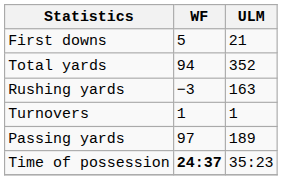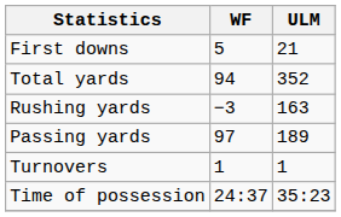 <table class="wikitable">
 <tr>
 <th>Statistics</th>
 <th>WF</th>
 <th>ULM</th>
 </tr>
 <tr>
 <td>First downs</td>
 <td>5</td>
 <td>21</td>
 </tr>
 <tr>
 <td>Total yards</td>
 <td>94</td>
 <td>352</td>
 </tr>
 <tr>
 <td>Rushing yards</td>
 <td>−3</td>
 <td>163</td>
 </tr>
 <tr>
+<td>Passing yards</td>
+<td>97</td>
+<td>189</td>
+</tr>
+<tr>
 <td>Turnovers</td>
 <td>1</td>
 <td>1</td>
 </tr>
 <tr>
-<td>Passing yards</td>
-<td>97</td>
-<td>189</td>
-</tr>
-<tr>
 <td>Time of possession</td>
-<td><strong>24:37</strong></td>
+<td>24:37</td>
 <td>35:23</td>
 </tr>
 <tr>
 </tr>
 </table>
